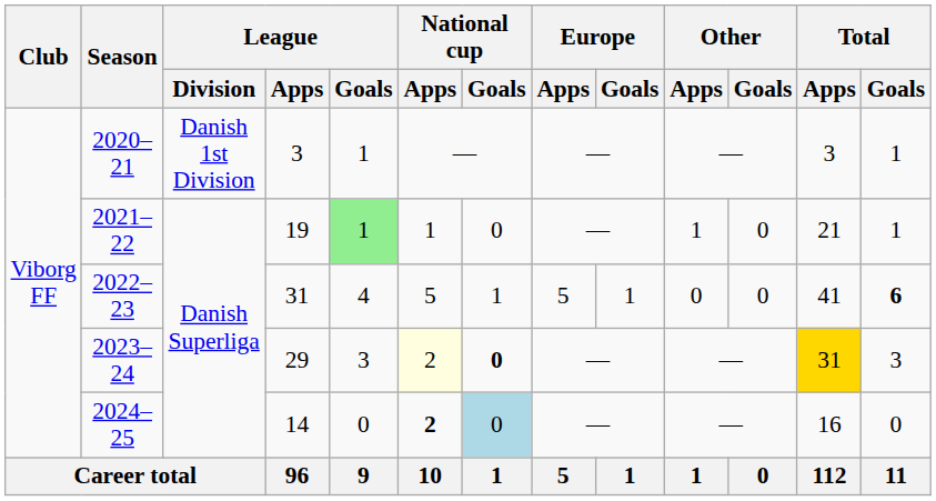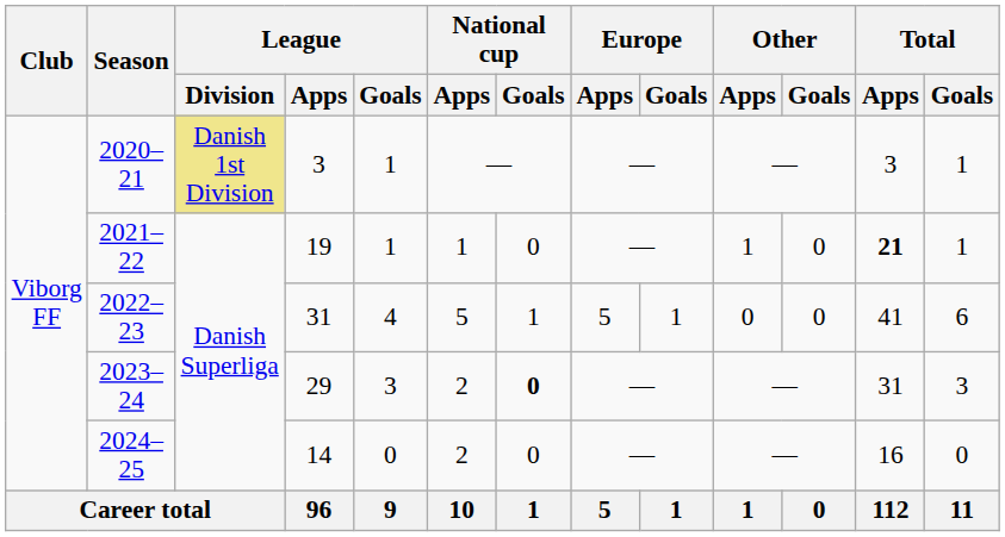 <table class="wikitable" style="text-align: center">
 <tr>
 <th rowspan="2">Club</th>
 <th rowspan="2">Season</th>
 <th colspan="3">League</th>
 <th colspan="2">National cup</th>
 <th colspan="2">Europe</th>
 <th colspan="2">Other</th>
 <th colspan="2">Total</th>
 </tr>
 <tr>
 <th>Division</th>
 <th>Apps</th>
 <th>Goals</th>
 <th>Apps</th>
 <th>Goals</th>
 <th>Apps</th>
 <th>Goals</th>
 <th>Apps</th>
 <th>Goals</th>
 <th>Apps</th>
 <th>Goals</th>
 </tr>
 <tr>
 <td rowspan="5"><a href='#'>Viborg FF</a></td>
 <td><a href='#'>2020–21</a></td>
-<td><a href='#'>Danish 1st Division</a></td>
+<td style="background: khaki;"><a href='#'>Danish 1st Division</a></td>
 <td>3</td>
 <td>1</td>
 <td colspan="2">—</td>
 <td colspan="2">—</td>
 <td colspan="2">—</td>
 <td>3</td>
 <td>1</td>
 </tr>
 <tr>
 <td><a href='#'>2021–22</a></td>
 <td rowspan=4><a href='#'>Danish Superliga</a></td>
 <td>19</td>
-<td style="background: lightgreen;">1</td>
+<td>1</td>
 <td>1</td>
 <td>0</td>
 <td colspan="2">—</td>
 <td>1</td>
 <td>0</td>
-<td>21</td>
+<td><strong>21</strong></td>
 <td>1</td>
 </tr>
 <tr>
 <td><a href='#'>2022–23</a></td>
 <td>31</td>
 <td>4</td>
 <td>5</td>
 <td>1</td>
 <td>5</td>
 <td>1</td>
 <td>0</td>
 <td>0</td>
 <td>41</td>
-<td><strong>6</strong></td>
+<td>6</td>
 </tr>
 <tr>
 <td><a href='#'>2023–24</a></td>
 <td>29</td>
 <td>3</td>
-<td style="background: lightyellow;">2</td>
+<td>2</td>
 <td><strong>0</strong></td>
 <td colspan="2">—</td>
 <td colspan="2">—</td>
-<td style="background: gold;">31</td>
+<td>31</td>
 <td>3</td>
 </tr>
 <tr>
 <td><a href='#'>2024–25</a></td>
 <td>14</td>
 <td>0</td>
-<td><strong>2</strong></td>
-<td style="background: lightblue;">0</td>
+<td>2</td>
+<td>0</td>
 <td colspan="2">—</td>
 <td colspan="2">—</td>
 <td>16</td>
 <td>0</td>
 </tr>
 <tr>
 <th colspan="3">Career total</th>
 <th>96</th>
 <th>9</th>
 <th>10</th>
 <th>1</th>
 <th>5</th>
 <th>1</th>
 <th>1</th>
 <th>0</th>
 <th>112</th>
 <th>11</th>
 </tr>
 </table>
